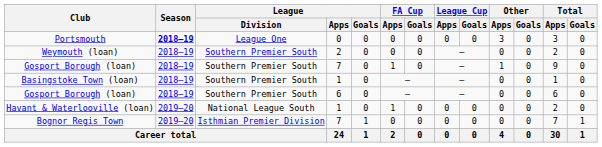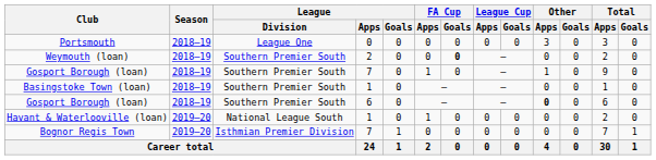 <table class=wikitable style=text-align:center>
 <tr>
 <th rowspan=2>Club</th>
 <th rowspan=2>Season</th>
 <th colspan=3>League</th>
 <th colspan=2><a href='#'>FA Cup</a></th>
 <th colspan=2><a href='#'>League Cup</a></th>
 <th colspan=2>Other</th>
 <th colspan=2>Total</th>
 </tr>
 <tr>
 <th>Division</th>
 <th>Apps</th>
 <th>Goals</th>
 <th>Apps</th>
 <th>Goals</th>
 <th>Apps</th>
 <th>Goals</th>
 <th>Apps</th>
 <th>Goals</th>
 <th>Apps</th>
 <th>Goals</th>
 </tr>
 <tr>
 <td valign="center"><a href='#'>Portsmouth</a></td>
-<td><strong><a href='#'>2018–19</a></strong></td>
+<td><a href='#'>2018–19</a></td>
 <td><a href='#'>League One</a></td>
 <td>0</td>
 <td>0</td>
 <td>0</td>
 <td>0</td>
 <td>0</td>
 <td>0</td>
 <td>3</td>
 <td>0</td>
 <td>3</td>
 <td>0</td>
 </tr>
 <tr>
 <td valign="center"><a href='#'>Weymouth</a> (loan)</td>
 <td><a href='#'>2018–19</a></td>
 <td><a href='#'>Southern Premier South</a></td>
 <td>2</td>
 <td>0</td>
 <td>0</td>
-<td>0</td>
+<td><strong>0</strong></td>
 <td colspan=2>—</td>
 <td>0</td>
 <td>0</td>
 <td>2</td>
 <td>0</td>
 </tr>
 <tr>
 <td valign="center"><a href='#'>Gosport Borough</a> (loan)</td>
 <td><a href='#'>2018–19</a></td>
 <td>Southern Premier South</td>
 <td>7</td>
 <td>0</td>
 <td>1</td>
 <td>0</td>
 <td colspan=2>—</td>
 <td>1</td>
 <td>0</td>
 <td>9</td>
 <td>0</td>
 </tr>
 <tr>
 <td valign="center"><a href='#'>Basingstoke Town</a> (loan)</td>
 <td><a href='#'>2018–19</a></td>
 <td>Southern Premier South</td>
 <td>1</td>
 <td>0</td>
 <td colspan=2>—</td>
 <td colspan=2>—</td>
 <td>0</td>
 <td>0</td>
 <td>1</td>
 <td>0</td>
 </tr>
 <tr>
 <td valign="center"><a href='#'>Gosport Borough</a> (loan)</td>
 <td><a href='#'>2018–19</a></td>
 <td>Southern Premier South</td>
 <td>6</td>
 <td>0</td>
 <td colspan=2>—</td>
 <td colspan=2>—</td>
-<td>0</td>
+<td><strong>0</strong></td>
 <td>0</td>
 <td>6</td>
 <td>0</td>
 </tr>
 <tr>
 <td valign="center"><a href='#'>Havant & Waterlooville</a>  (loan)</td>
 <td><a href='#'>2019–20</a></td>
 <td>National League South</td>
 <td>1</td>
 <td>0</td>
 <td>1</td>
 <td>0</td>
 <td>0</td>
 <td>0</td>
 <td>0</td>
 <td>0</td>
 <td>2</td>
 <td>0</td>
 </tr>
 <tr>
 <td valign="center"><a href='#'>Bognor Regis Town</a></td>
 <td><a href='#'>2019–20</a></td>
 <td><a href='#'>Isthmian Premier Division</a></td>
 <td>7</td>
 <td>1</td>
 <td>0</td>
 <td>0</td>
 <td>0</td>
 <td>0</td>
 <td>0</td>
 <td>0</td>
 <td>7</td>
 <td>1</td>
 </tr>
 <tr>
 <th colspan=3>Career total</th>
 <th>24</th>
 <th>1</th>
 <th>2</th>
 <th>0</th>
 <th>0</th>
 <th>0</th>
 <th>4</th>
 <th>0</th>
 <th>30</th>
 <th>1</th>
 </tr>
 </table>
